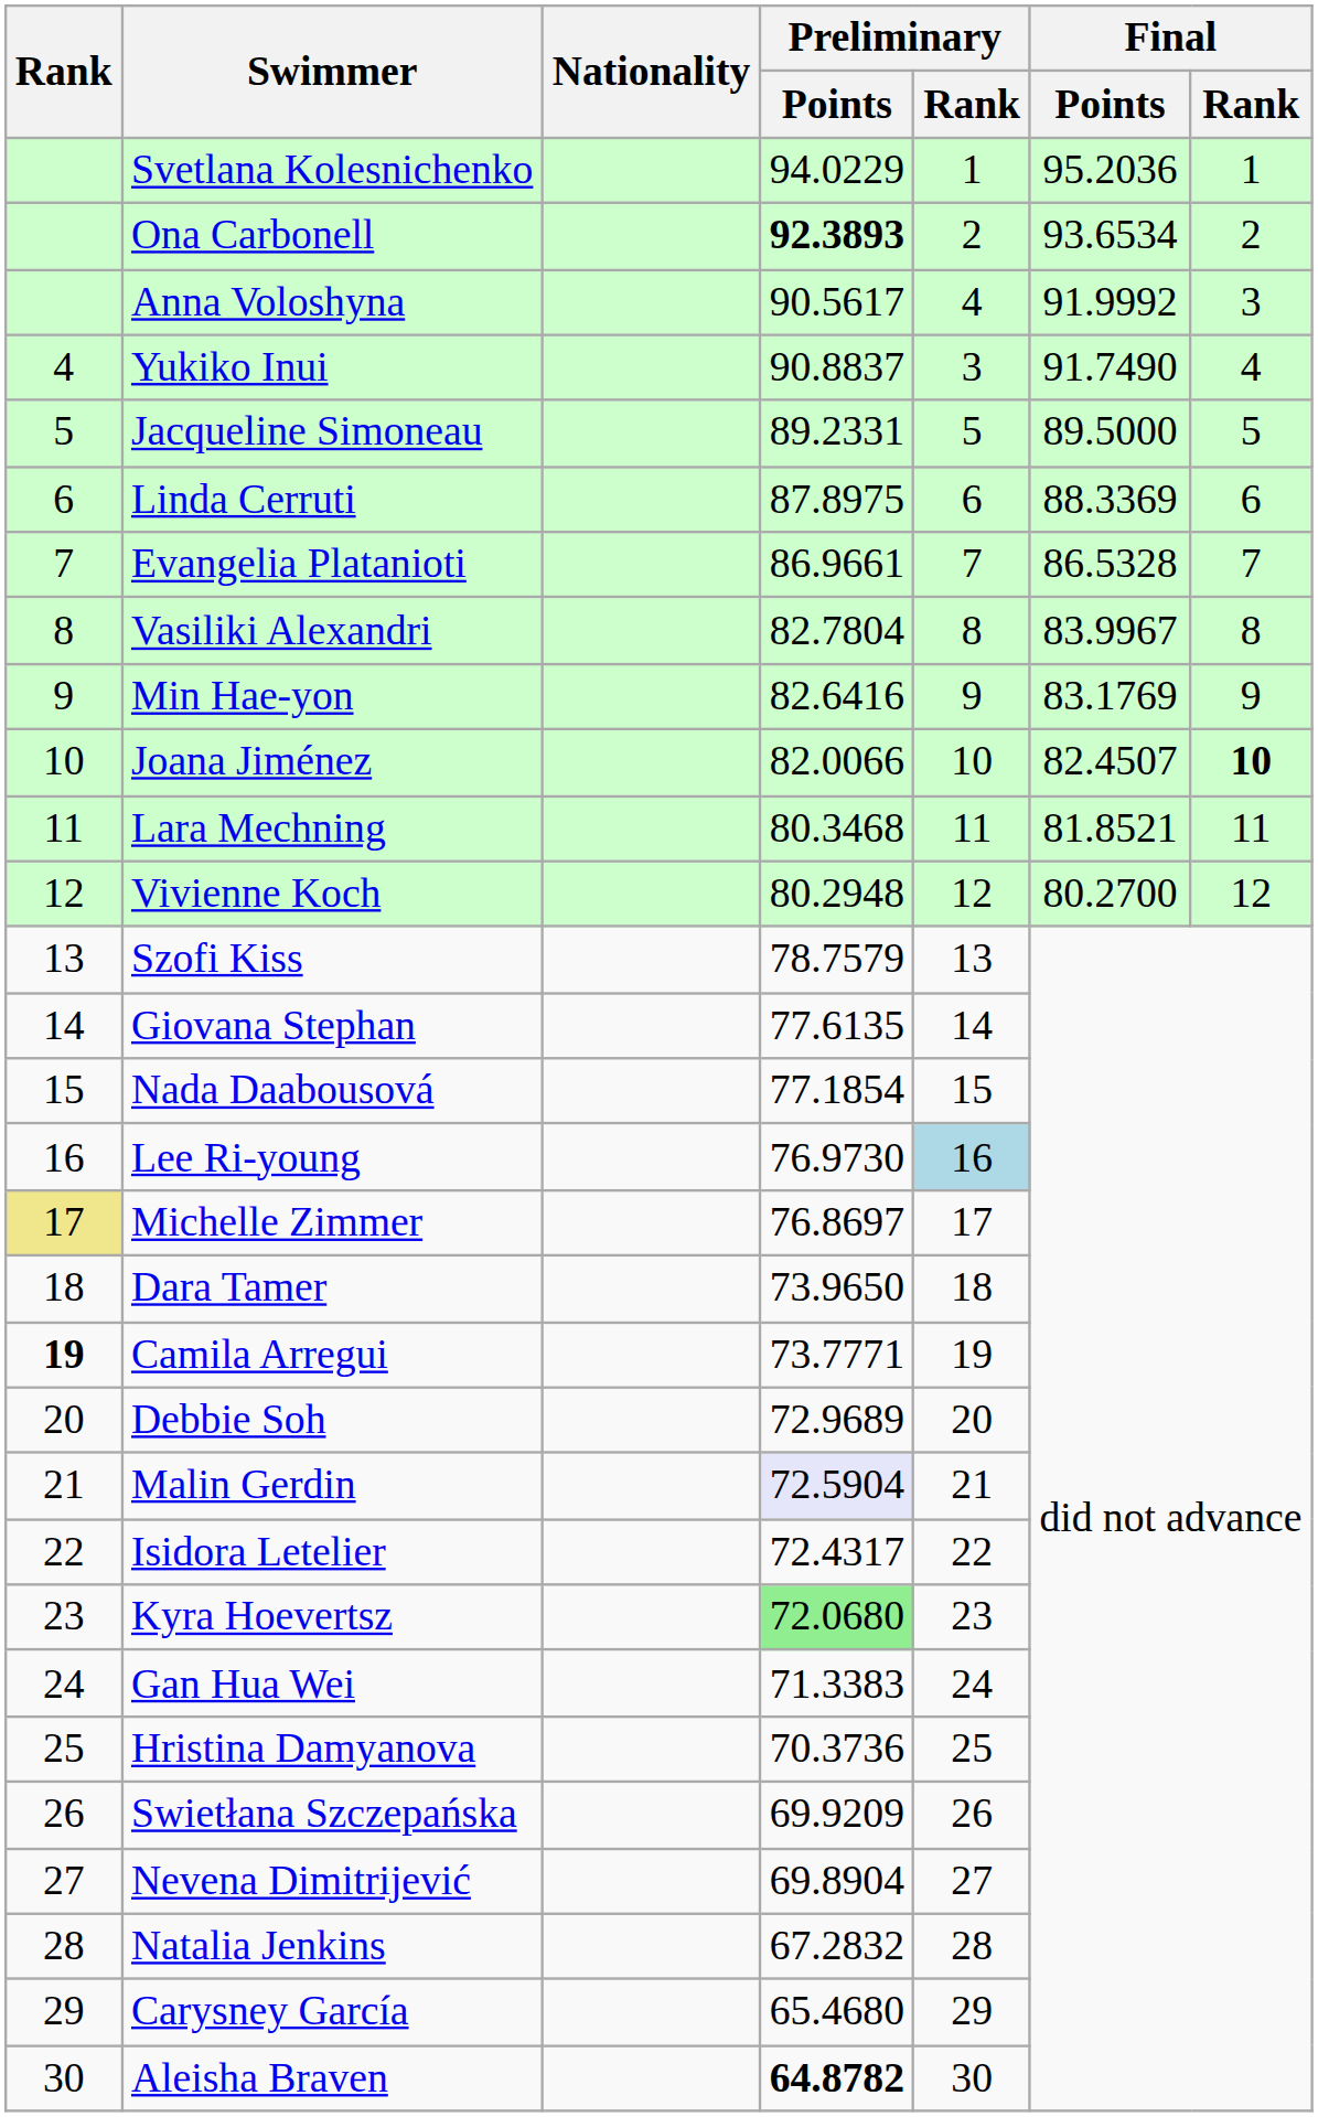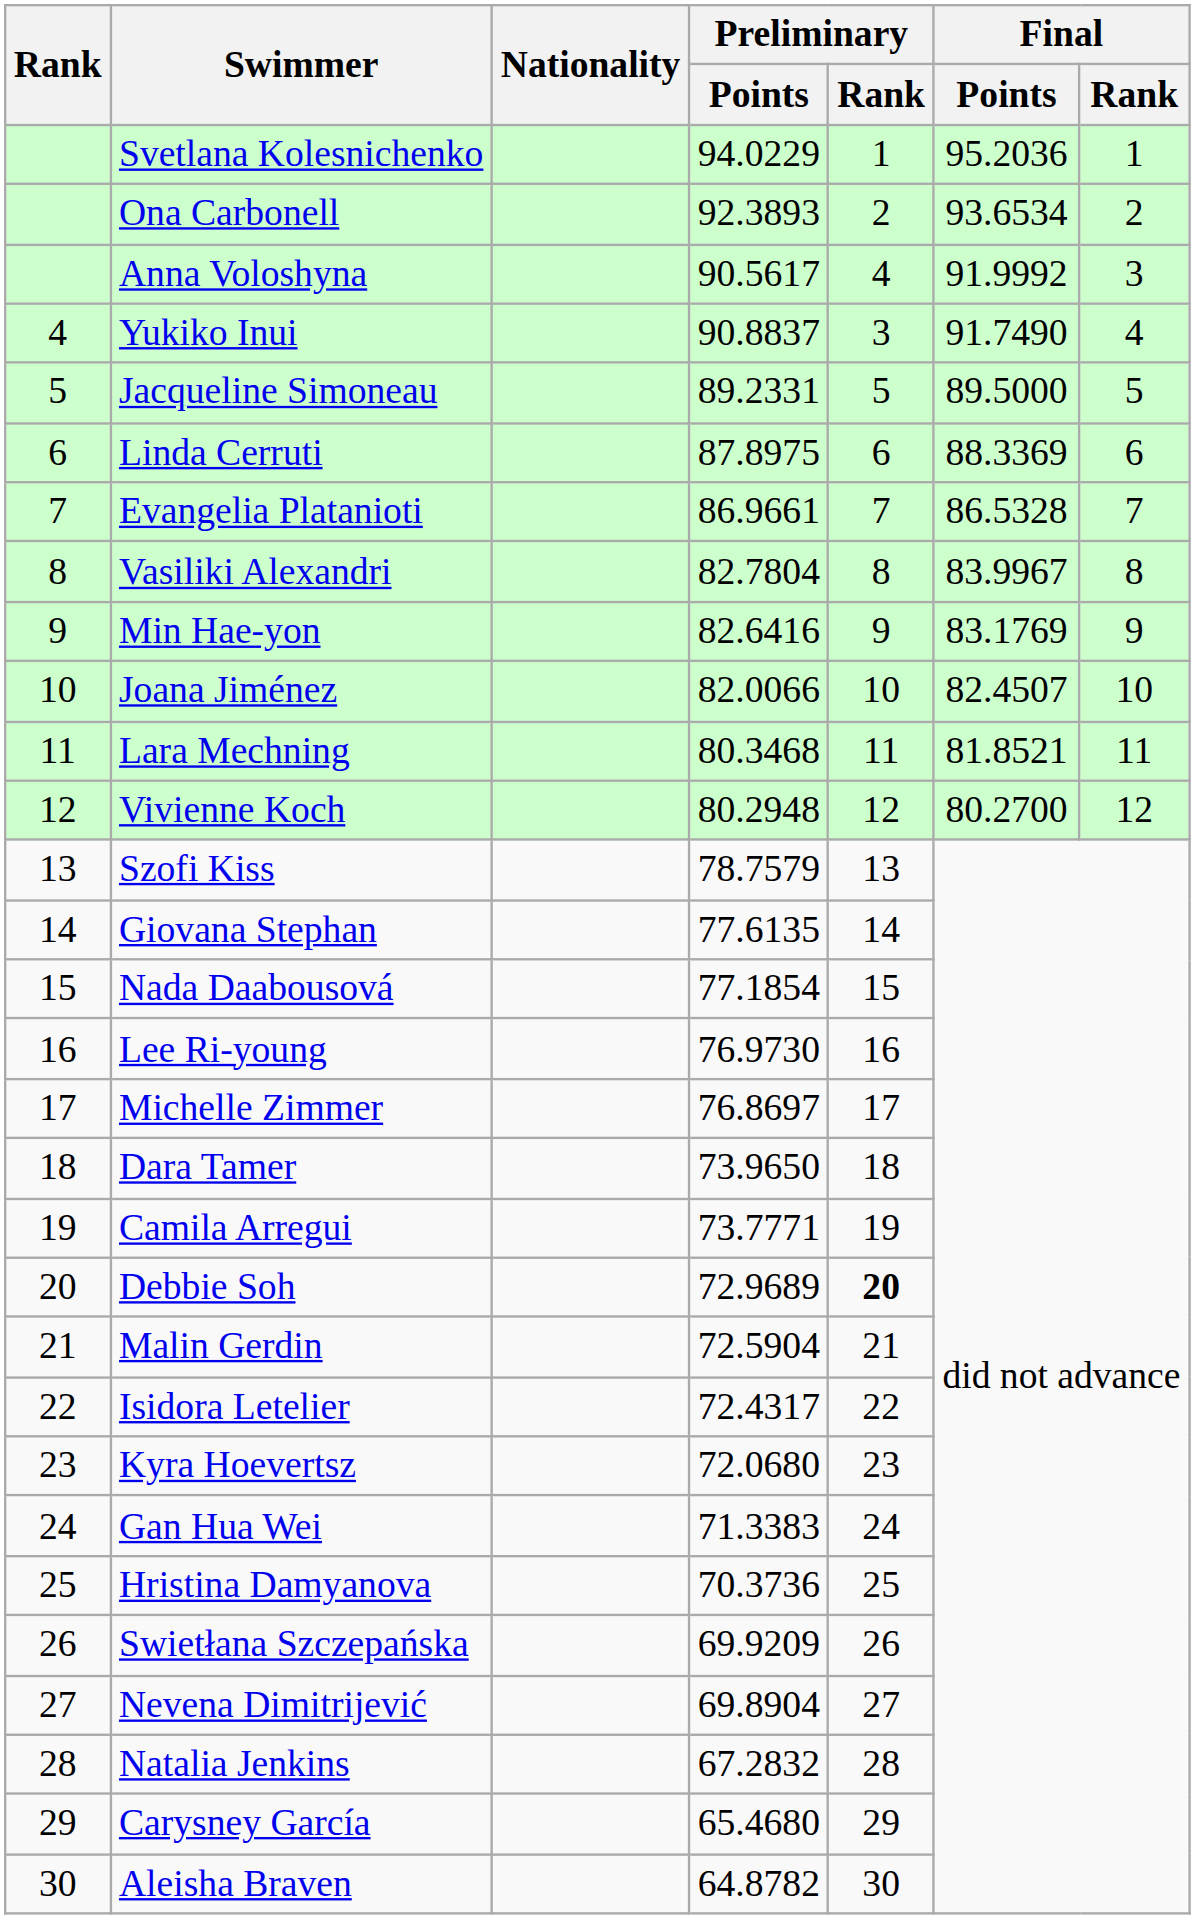 <table class="wikitable sortable" style="text-align:center">
 <tr>
 <th rowspan=2>Rank</th>
 <th rowspan=2>Swimmer</th>
 <th rowspan=2>Nationality</th>
 <th colspan=2>Preliminary</th>
 <th colspan=2>Final</th>
 </tr>
 <tr>
 <th>Points</th>
 <th>Rank</th>
 <th>Points</th>
 <th>Rank</th>
 </tr>
 <tr bgcolor=ccffcc>
 <td></td>
 <td align=left><a href='#'>Svetlana Kolesnichenko</a></td>
 <td align=left></td>
 <td>94.0229</td>
 <td>1</td>
 <td>95.2036</td>
 <td>1</td>
 </tr>
 <tr bgcolor=ccffcc>
 <td></td>
 <td align=left><a href='#'>Ona Carbonell</a></td>
 <td align=left></td>
-<td><strong>92.3893</strong></td>
+<td>92.3893</td>
 <td>2</td>
 <td>93.6534</td>
 <td>2</td>
 </tr>
 <tr bgcolor=ccffcc>
 <td></td>
 <td align=left><a href='#'>Anna Voloshyna</a></td>
 <td align=left></td>
 <td>90.5617</td>
 <td>4</td>
 <td>91.9992</td>
 <td>3</td>
 </tr>
 <tr bgcolor=ccffcc>
 <td>4</td>
 <td align=left><a href='#'>Yukiko Inui</a></td>
 <td align=left></td>
 <td>90.8837</td>
 <td>3</td>
 <td>91.7490</td>
 <td>4</td>
 </tr>
 <tr bgcolor=ccffcc>
 <td>5</td>
 <td align=left><a href='#'>Jacqueline Simoneau</a></td>
 <td align=left></td>
 <td>89.2331</td>
 <td>5</td>
 <td>89.5000</td>
 <td>5</td>
 </tr>
 <tr bgcolor=ccffcc>
 <td>6</td>
 <td align=left><a href='#'>Linda Cerruti</a></td>
 <td align=left></td>
 <td>87.8975</td>
 <td>6</td>
 <td>88.3369</td>
 <td>6</td>
 </tr>
 <tr bgcolor=ccffcc>
 <td>7</td>
 <td align=left><a href='#'>Evangelia Platanioti</a></td>
 <td align=left></td>
 <td>86.9661</td>
 <td>7</td>
 <td>86.5328</td>
 <td>7</td>
 </tr>
 <tr bgcolor=ccffcc>
 <td>8</td>
 <td align=left><a href='#'>Vasiliki Alexandri</a></td>
 <td align=left></td>
 <td>82.7804</td>
 <td>8</td>
 <td>83.9967</td>
 <td>8</td>
 </tr>
 <tr bgcolor=ccffcc>
 <td>9</td>
 <td align=left><a href='#'>Min Hae-yon</a></td>
 <td align=left></td>
 <td>82.6416</td>
 <td>9</td>
 <td>83.1769</td>
 <td>9</td>
 </tr>
 <tr bgcolor=ccffcc>
 <td>10</td>
 <td align=left><a href='#'>Joana Jiménez</a></td>
 <td align=left></td>
 <td>82.0066</td>
 <td>10</td>
 <td>82.4507</td>
-<td><strong>10</strong></td>
+<td>10</td>
 </tr>
 <tr bgcolor=ccffcc>
 <td>11</td>
 <td align=left><a href='#'>Lara Mechning</a></td>
 <td align=left></td>
 <td>80.3468</td>
 <td>11</td>
 <td>81.8521</td>
 <td>11</td>
 </tr>
 <tr bgcolor=ccffcc>
 <td>12</td>
 <td align=left><a href='#'>Vivienne Koch</a></td>
 <td align=left></td>
 <td>80.2948</td>
 <td>12</td>
 <td>80.2700</td>
 <td>12</td>
 </tr>
 <tr>
 <td>13</td>
 <td align=left><a href='#'>Szofi Kiss</a></td>
 <td align=left></td>
 <td>78.7579</td>
 <td>13</td>
 <td colspan=2 rowspan=18>did not advance</td>
 </tr>
 <tr>
 <td>14</td>
 <td align=left><a href='#'>Giovana Stephan</a></td>
 <td align=left></td>
 <td>77.6135</td>
 <td>14</td>
 </tr>
 <tr>
 <td>15</td>
 <td align=left><a href='#'>Nada Daabousová</a></td>
 <td align=left></td>
 <td>77.1854</td>
 <td>15</td>
 </tr>
 <tr>
 <td>16</td>
 <td align=left><a href='#'>Lee Ri-young</a></td>
 <td align=left></td>
 <td>76.9730</td>
-<td style="background: lightblue;">16</td>
+<td>16</td>
 </tr>
 <tr>
-<td style="background: khaki;">17</td>
+<td>17</td>
 <td align=left><a href='#'>Michelle Zimmer</a></td>
 <td align=left></td>
 <td>76.8697</td>
 <td>17</td>
 </tr>
 <tr>
 <td>18</td>
 <td align=left><a href='#'>Dara Tamer</a></td>
 <td align=left></td>
 <td>73.9650</td>
 <td>18</td>
 </tr>
 <tr>
-<td><strong>19</strong></td>
+<td>19</td>
 <td align=left><a href='#'>Camila Arregui</a></td>
 <td align=left></td>
 <td>73.7771</td>
 <td>19</td>
 </tr>
 <tr>
 <td>20</td>
 <td align=left><a href='#'>Debbie Soh</a></td>
 <td align=left></td>
 <td>72.9689</td>
-<td>20</td>
+<td><strong>20</strong></td>
 </tr>
 <tr>
 <td>21</td>
 <td align=left><a href='#'>Malin Gerdin</a></td>
 <td align=left></td>
-<td style="background: lavender;">72.5904</td>
+<td>72.5904</td>
 <td>21</td>
 </tr>
 <tr>
 <td>22</td>
 <td align=left><a href='#'>Isidora Letelier</a></td>
 <td align=left></td>
 <td>72.4317</td>
 <td>22</td>
 </tr>
 <tr>
 <td>23</td>
 <td align=left><a href='#'>Kyra Hoevertsz</a></td>
 <td align=left></td>
-<td style="background: lightgreen;">72.0680</td>
+<td>72.0680</td>
 <td>23</td>
 </tr>
 <tr>
 <td>24</td>
 <td align=left><a href='#'>Gan Hua Wei</a></td>
 <td align=left></td>
 <td>71.3383</td>
 <td>24</td>
 </tr>
 <tr>
 <td>25</td>
 <td align=left><a href='#'>Hristina Damyanova</a></td>
 <td align=left></td>
 <td>70.3736</td>
 <td>25</td>
 </tr>
 <tr>
 <td>26</td>
 <td align=left><a href='#'>Swietłana Szczepańska</a></td>
 <td align=left></td>
 <td>69.9209</td>
 <td>26</td>
 </tr>
 <tr>
 <td>27</td>
 <td align=left><a href='#'>Nevena Dimitrijević</a></td>
 <td align=left></td>
 <td>69.8904</td>
 <td>27</td>
 </tr>
 <tr>
 <td>28</td>
 <td align=left><a href='#'>Natalia Jenkins</a></td>
 <td align=left></td>
 <td>67.2832</td>
 <td>28</td>
 </tr>
 <tr>
 <td>29</td>
 <td align=left><a href='#'>Carysney García</a></td>
 <td align=left></td>
 <td>65.4680</td>
 <td>29</td>
 </tr>
 <tr>
 <td>30</td>
 <td align=left><a href='#'>Aleisha Braven</a></td>
 <td align=left></td>
-<td><strong>64.8782</strong></td>
+<td>64.8782</td>
 <td>30</td>
 </tr>
 </table>
